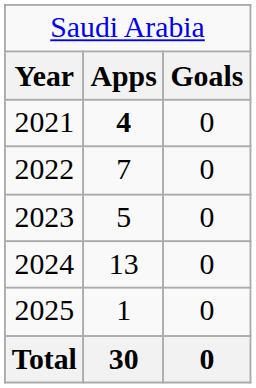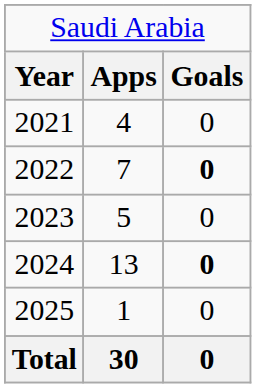 <table class="wikitable" style="text-align:center">
 <tr>
 <td colspan=3><a href='#'>Saudi Arabia</a></td>
 </tr>
 <tr>
 <th>Year</th>
 <th>Apps</th>
 <th>Goals</th>
 </tr>
 <tr>
 <td>2021</td>
-<td><strong>4</strong></td>
+<td>4</td>
 <td>0</td>
 </tr>
 <tr>
 <td>2022</td>
 <td>7</td>
-<td>0</td>
+<td><strong>0</strong></td>
 </tr>
 <tr>
 <td>2023</td>
 <td>5</td>
 <td>0</td>
 </tr>
 <tr>
 <td>2024</td>
 <td>13</td>
-<td>0</td>
+<td><strong>0</strong></td>
 </tr>
 <tr>
 <td>2025</td>
 <td>1</td>
 <td>0</td>
 </tr>
 <tr>
 <th>Total</th>
 <th>30</th>
 <th>0</th>
 </tr>
 </table>
